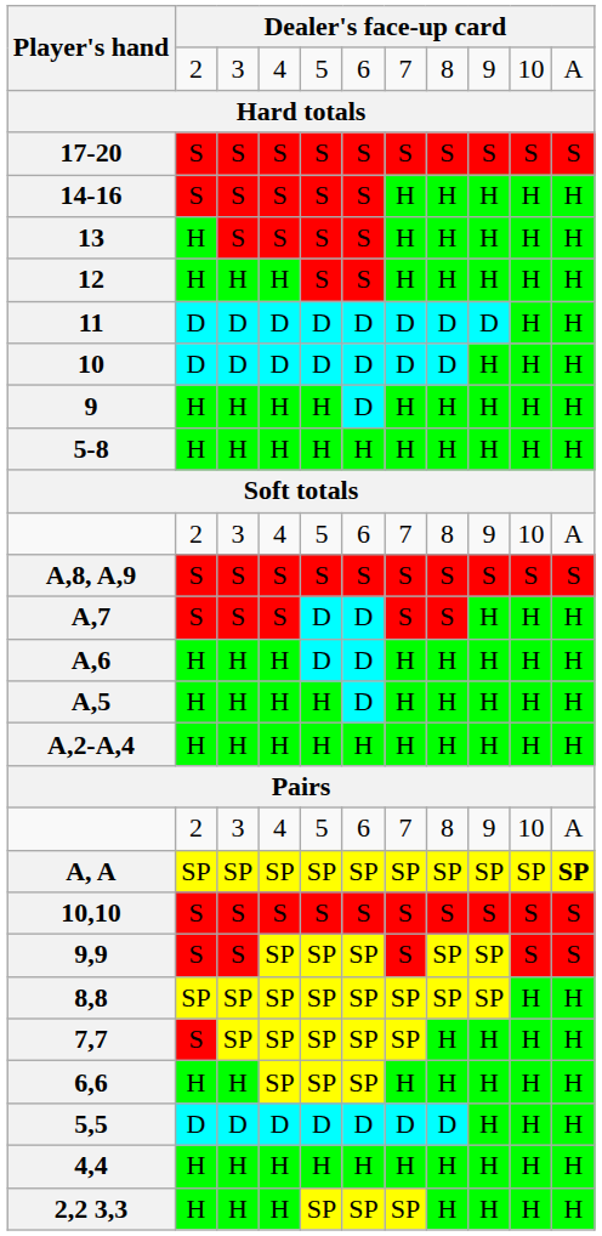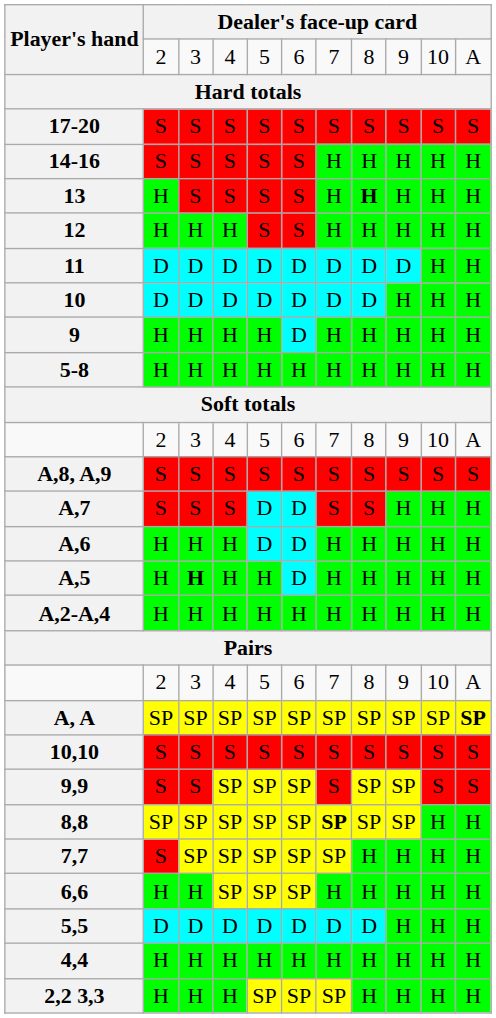 <table class="wikitable" style="margin:1em auto; text-align:center">
 <tr>
 <th rowspan="2">Player's hand</th>
 <th COLSPAN="10">Dealer's face-up card</th>
 </tr>
 <tr>
 <td>2</td>
 <td>3</td>
 <td>4</td>
 <td>5</td>
 <td>6</td>
 <td>7</td>
 <td>8</td>
 <td>9</td>
 <td>10</td>
 <td>A</td>
 </tr>
 <tr>
 <th COLSPAN="11">Hard totals</th>
 </tr>
 <tr>
 <th>17-20</th>
 <td style="background:red; color:black">S</td>
 <td style="background:red; color:black">S</td>
 <td style="background:red; color:black">S</td>
 <td style="background:red; color:black">S</td>
 <td style="background:red; color:black">S</td>
 <td style="background:red; color:black">S</td>
 <td style="background:red; color:black">S</td>
 <td style="background:red; color:black">S</td>
 <td style="background:red; color:black">S</td>
 <td style="background:red; color:black">S</td>
 </tr>
 <tr>
 <th>14-16</th>
 <td style="background:red; color:black">S</td>
 <td style="background:red; color:black">S</td>
 <td style="background:red; color:black">S</td>
 <td style="background:red; color:black">S</td>
 <td style="background:red; color:black">S</td>
 <td style="background:lime; color:black">H</td>
 <td style="background:lime; color:black">H</td>
 <td style="background:lime; color:black">H</td>
 <td style="background:lime; color:black">H</td>
 <td style="background:lime; color:black">H</td>
 </tr>
 <tr>
 <th>13</th>
 <td style="background:lime; color:black">H</td>
 <td style="background:red; color:black">S</td>
 <td style="background:red; color:black">S</td>
 <td style="background:red; color:black">S</td>
 <td style="background:red; color:black">S</td>
 <td style="background:lime; color:black">H</td>
-<td style="background:lime; color:black">H</td>
+<td style="background:lime; color:black"><strong>H</strong></td>
 <td style="background:lime; color:black">H</td>
 <td style="background:lime; color:black">H</td>
 <td style="background:lime; color:black">H</td>
 </tr>
 <tr>
 <th>12</th>
 <td style="background:lime; color:black">H</td>
 <td style="background:lime; color:black">H</td>
 <td style="background:lime; color:black">H</td>
 <td style="background:red; color:black">S</td>
 <td style="background:red; color:black">S</td>
 <td style="background:lime; color:black">H</td>
 <td style="background:lime; color:black">H</td>
 <td style="background:lime; color:black">H</td>
 <td style="background:lime; color:black">H</td>
 <td style="background:lime; color:black">H</td>
 </tr>
 <tr>
 <th>11</th>
 <td style="background:cyan; color:black">D</td>
 <td style="background:cyan; color:black">D</td>
 <td style="background:cyan; color:black">D</td>
 <td style="background:cyan; color:black">D</td>
 <td style="background:cyan; color:black">D</td>
 <td style="background:cyan; color:black">D</td>
 <td style="background:cyan; color:black">D</td>
 <td style="background:cyan; color:black">D</td>
 <td style="background:lime; color:black">H</td>
 <td style="background:lime; color:black">H</td>
 </tr>
 <tr>
 <th>10</th>
 <td style="background:cyan; color:black">D</td>
 <td style="background:cyan; color:black">D</td>
 <td style="background:cyan; color:black">D</td>
 <td style="background:cyan; color:black">D</td>
 <td style="background:cyan; color:black">D</td>
 <td style="background:cyan; color:black">D</td>
 <td style="background:cyan; color:black">D</td>
 <td style="background:lime; color:black">H</td>
 <td style="background:lime; color:black">H</td>
 <td style="background:lime; color:black">H</td>
 </tr>
 <tr>
 <th>9</th>
 <td style="background:lime; color:black">H</td>
 <td style="background:lime; color:black">H</td>
 <td style="background:lime; color:black">H</td>
 <td style="background:lime; color:black">H</td>
 <td style="background:cyan; color:black">D</td>
 <td style="background:lime; color:black">H</td>
 <td style="background:lime; color:black">H</td>
 <td style="background:lime; color:black">H</td>
 <td style="background:lime; color:black">H</td>
 <td style="background:lime; color:black">H</td>
 </tr>
 <tr>
 <th>5-8</th>
 <td style="background:lime; color:black">H</td>
 <td style="background:lime; color:black">H</td>
 <td style="background:lime; color:black">H</td>
 <td style="background:lime; color:black">H</td>
 <td style="background:lime; color:black">H</td>
 <td style="background:lime; color:black">H</td>
 <td style="background:lime; color:black">H</td>
 <td style="background:lime; color:black">H</td>
 <td style="background:lime; color:black">H</td>
 <td style="background:lime; color:black">H</td>
 </tr>
 <tr>
 <th COLSPAN="11">Soft totals</th>
 </tr>
 <tr>
 <td></td>
 <td>2</td>
 <td>3</td>
 <td>4</td>
 <td>5</td>
 <td>6</td>
 <td>7</td>
 <td>8</td>
 <td>9</td>
 <td>10</td>
 <td>A</td>
 </tr>
 <tr>
 <th>A,8, A,9</th>
 <td style="background:red; color:black">S</td>
 <td style="background:red; color:black">S</td>
 <td style="background:red; color:black">S</td>
 <td style="background:red; color:black">S</td>
 <td style="background:red; color:black">S</td>
 <td style="background:red; color:black">S</td>
 <td style="background:red; color:black">S</td>
 <td style="background:red; color:black">S</td>
 <td style="background:red; color:black">S</td>
 <td style="background:red; color:black">S</td>
 </tr>
 <tr>
 <th>A,7</th>
 <td style="background:red; color:black">S</td>
 <td style="background:red; color:black">S</td>
 <td style="background:red; color:black">S</td>
 <td style="background:cyan; color:black">D</td>
 <td style="background:cyan; color:black">D</td>
 <td style="background:red; color:black">S</td>
 <td style="background:red; color:black">S</td>
 <td style="background:lime; color:black">H</td>
 <td style="background:lime; color:black">H</td>
 <td style="background:lime; color:black">H</td>
 </tr>
 <tr>
 <th>A,6</th>
 <td style="background:lime; color:black">H</td>
 <td style="background:lime; color:black">H</td>
 <td style="background:lime; color:black">H</td>
 <td style="background:cyan; color:black">D</td>
 <td style="background:cyan; color:black">D</td>
 <td style="background:lime; color:black">H</td>
 <td style="background:lime; color:black">H</td>
 <td style="background:lime; color:black">H</td>
 <td style="background:lime; color:black">H</td>
 <td style="background:lime; color:black">H</td>
 </tr>
 <tr>
 <th>A,5</th>
 <td style="background:lime; color:black">H</td>
-<td style="background:lime; color:black">H</td>
+<td style="background:lime; color:black"><strong>H</strong></td>
 <td style="background:lime; color:black">H</td>
 <td style="background:lime; color:black">H</td>
 <td style="background:cyan; color:black">D</td>
 <td style="background:lime; color:black">H</td>
 <td style="background:lime; color:black">H</td>
 <td style="background:lime; color:black">H</td>
 <td style="background:lime; color:black">H</td>
 <td style="background:lime; color:black">H</td>
 </tr>
 <tr>
 <th>A,2-A,4</th>
 <td style="background:lime; color:black">H</td>
 <td style="background:lime; color:black">H</td>
 <td style="background:lime; color:black">H</td>
 <td style="background:lime; color:black">H</td>
 <td style="background:lime; color:black">H</td>
 <td style="background:lime; color:black">H</td>
 <td style="background:lime; color:black">H</td>
 <td style="background:lime; color:black">H</td>
 <td style="background:lime; color:black">H</td>
 <td style="background:lime; color:black">H</td>
 </tr>
 <tr>
 <th COLSPAN="11">Pairs</th>
 </tr>
 <tr>
 <td></td>
 <td>2</td>
 <td>3</td>
 <td>4</td>
 <td>5</td>
 <td>6</td>
 <td>7</td>
 <td>8</td>
 <td>9</td>
 <td>10</td>
 <td>A</td>
 </tr>
 <tr>
 <th>A, A</th>
 <td style="background:yellow; color:black">SP</td>
 <td style="background:yellow; color:black">SP</td>
 <td style="background:yellow; color:black">SP</td>
 <td style="background:yellow; color:black">SP</td>
 <td style="background:yellow; color:black">SP</td>
 <td style="background:yellow; color:black">SP</td>
 <td style="background:yellow; color:black">SP</td>
 <td style="background:yellow; color:black">SP</td>
 <td style="background:yellow; color:black">SP</td>
 <td style="background:yellow; color:black"><strong>SP</strong></td>
 </tr>
 <tr>
 <th>10,10</th>
 <td style="background:red; color:black">S</td>
 <td style="background:red; color:black">S</td>
 <td style="background:red; color:black">S</td>
 <td style="background:red; color:black">S</td>
 <td style="background:red; color:black">S</td>
 <td style="background:red; color:black">S</td>
 <td style="background:red; color:black">S</td>
 <td style="background:red; color:black">S</td>
 <td style="background:red; color:black">S</td>
 <td style="background:red; color:black">S</td>
 </tr>
 <tr>
 <th>9,9</th>
 <td style="background:red; color:black">S</td>
 <td style="background:red; color:black">S</td>
 <td style="background:yellow; color:black">SP</td>
 <td style="background:yellow; color:black">SP</td>
 <td style="background:yellow; color:black">SP</td>
 <td style="background:red; color:black">S</td>
 <td style="background:yellow; color:black">SP</td>
 <td style="background:yellow; color:black">SP</td>
 <td style="background:red; color:black">S</td>
 <td style="background:red; color:black">S</td>
 </tr>
 <tr>
 <th>8,8</th>
 <td style="background:yellow; color:black">SP</td>
 <td style="background:yellow; color:black">SP</td>
 <td style="background:yellow; color:black">SP</td>
 <td style="background:yellow; color:black">SP</td>
 <td style="background:yellow; color:black">SP</td>
-<td style="background:yellow; color:black">SP</td>
+<td style="background:yellow; color:black"><strong>SP</strong></td>
 <td style="background:yellow; color:black">SP</td>
 <td style="background:yellow; color:black">SP</td>
 <td style="background:lime; color:black">H</td>
 <td style="background:lime; color:black">H</td>
 </tr>
 <tr>
 <th>7,7</th>
 <td style="background:red; color:black">S</td>
 <td style="background:yellow; color:black">SP</td>
 <td style="background:yellow; color:black">SP</td>
 <td style="background:yellow; color:black">SP</td>
 <td style="background:yellow; color:black">SP</td>
 <td style="background:yellow; color:black">SP</td>
 <td style="background:lime; color:black">H</td>
 <td style="background:lime; color:black">H</td>
 <td style="background:lime; color:black">H</td>
 <td style="background:lime; color:black">H</td>
 </tr>
 <tr>
 <th>6,6</th>
 <td style="background:lime; color:black">H</td>
 <td style="background:lime; color:black">H</td>
 <td style="background:yellow; color:black">SP</td>
 <td style="background:yellow; color:black">SP</td>
 <td style="background:yellow; color:black">SP</td>
 <td style="background:lime; color:black">H</td>
 <td style="background:lime; color:black">H</td>
 <td style="background:lime; color:black">H</td>
 <td style="background:lime; color:black">H</td>
 <td style="background:lime; color:black">H</td>
 </tr>
 <tr>
 <th>5,5</th>
 <td style="background:cyan; color:black">D</td>
 <td style="background:cyan; color:black">D</td>
 <td style="background:cyan; color:black">D</td>
 <td style="background:cyan; color:black">D</td>
 <td style="background:cyan; color:black">D</td>
 <td style="background:cyan; color:black">D</td>
 <td style="background:cyan; color:black">D</td>
 <td style="background:lime; color:black">H</td>
 <td style="background:lime; color:black">H</td>
 <td style="background:lime; color:black">H</td>
 </tr>
 <tr>
 <th>4,4</th>
 <td style="background:lime; color:black">H</td>
 <td style="background:lime; color:black">H</td>
 <td style="background:lime; color:black">H</td>
 <td style="background:lime; color:black">H</td>
 <td style="background:lime; color:black">H</td>
 <td style="background:lime; color:black">H</td>
 <td style="background:lime; color:black">H</td>
 <td style="background:lime; color:black">H</td>
 <td style="background:lime; color:black">H</td>
 <td style="background:lime; color:black">H</td>
 </tr>
 <tr>
 <th>2,2 3,3</th>
 <td style="background:lime; color:black">H</td>
 <td style="background:lime; color:black">H</td>
 <td style="background:lime; color:black">H</td>
 <td style="background:yellow; color:black">SP</td>
 <td style="background:yellow; color:black">SP</td>
 <td style="background:yellow; color:black">SP</td>
 <td style="background:lime; color:black">H</td>
 <td style="background:lime; color:black">H</td>
 <td style="background:lime; color:black">H</td>
 <td style="background:lime; color:black">H</td>
 </tr>
 </table>
